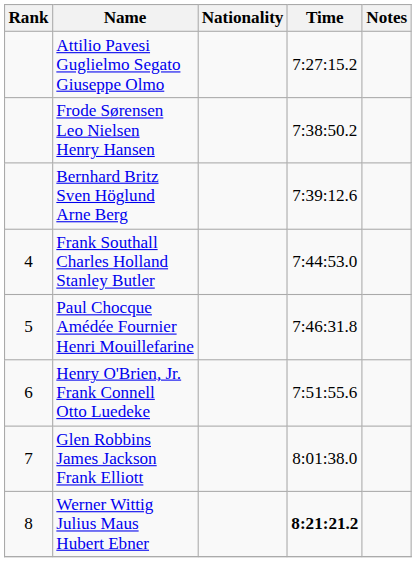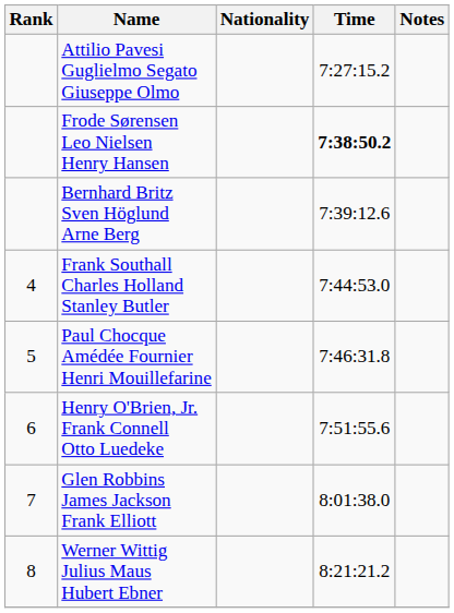 <table class="wikitable sortable" style="text-align:center">
 <tr>
 <th>Rank</th>
 <th>Name</th>
 <th>Nationality</th>
 <th>Time</th>
 <th>Notes</th>
 </tr>
 <tr>
 <td></td>
 <td align=left><a href='#'>Attilio Pavesi</a><br><a href='#'>Guglielmo Segato</a><br><a href='#'>Giuseppe Olmo</a></td>
 <td align=left></td>
 <td>7:27:15.2</td>
 <td></td>
 </tr>
 <tr>
 <td></td>
 <td align=left><a href='#'>Frode Sørensen</a><br><a href='#'>Leo Nielsen</a><br><a href='#'>Henry Hansen</a></td>
 <td align=left></td>
-<td>7:38:50.2</td>
+<td><strong>7:38:50.2</strong></td>
 <td></td>
 </tr>
 <tr>
 <td></td>
 <td align=left><a href='#'>Bernhard Britz</a><br><a href='#'>Sven Höglund</a><br><a href='#'>Arne Berg</a></td>
 <td align=left></td>
 <td>7:39:12.6</td>
 <td></td>
 </tr>
 <tr>
 <td>4</td>
 <td align=left><a href='#'>Frank Southall</a><br><a href='#'>Charles Holland</a><br><a href='#'>Stanley Butler</a></td>
 <td align=left></td>
 <td>7:44:53.0</td>
 <td></td>
 </tr>
 <tr>
 <td>5</td>
 <td align=left><a href='#'>Paul Chocque</a><br><a href='#'>Amédée Fournier</a><br><a href='#'>Henri Mouillefarine</a></td>
 <td align=left></td>
 <td>7:46:31.8</td>
 <td></td>
 </tr>
 <tr>
 <td>6</td>
 <td align=left><a href='#'>Henry O'Brien, Jr.</a><br><a href='#'>Frank Connell</a><br><a href='#'>Otto Luedeke</a></td>
 <td align=left></td>
 <td>7:51:55.6</td>
 <td></td>
 </tr>
 <tr>
 <td>7</td>
 <td align=left><a href='#'>Glen Robbins</a><br><a href='#'>James Jackson</a><br><a href='#'>Frank Elliott</a></td>
 <td align=left></td>
 <td>8:01:38.0</td>
 <td></td>
 </tr>
 <tr>
 <td>8</td>
 <td align=left><a href='#'>Werner Wittig</a><br><a href='#'>Julius Maus</a><br><a href='#'>Hubert Ebner</a></td>
 <td align=left></td>
-<td><strong>8:21:21.2</strong></td>
+<td>8:21:21.2</td>
 <td></td>
 </tr>
 <tr>
 </tr>
 </table>
